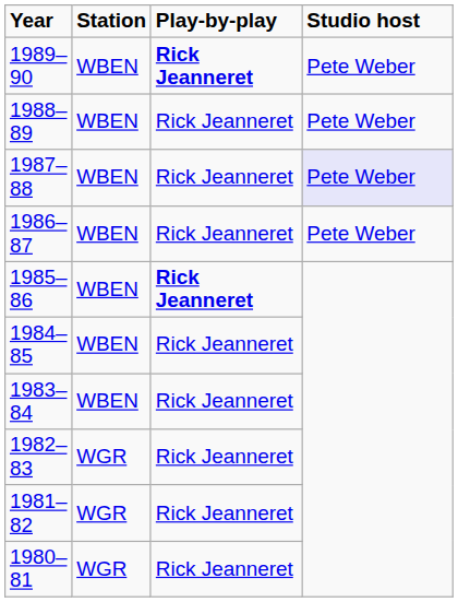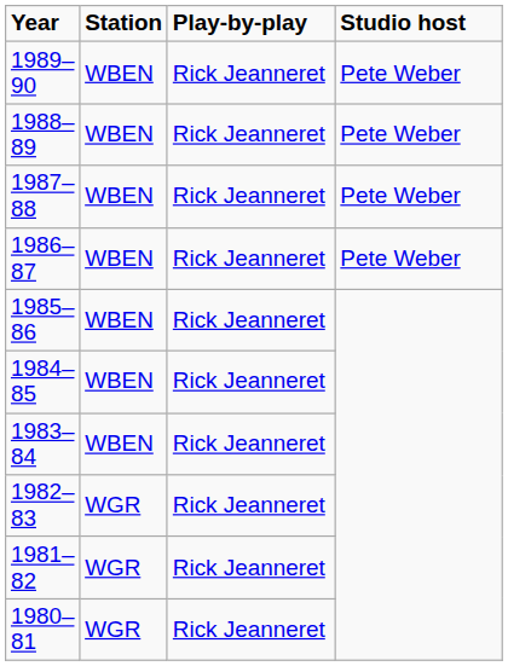 <table class="wikitable">
 <tr>
 <td width="40"><strong>Year</strong></td>
 <td width="40"><strong>Station</strong></td>
 <td width="110"><strong>Play-by-play</strong></td>
 <td width="110"><strong>Studio host</strong></td>
 </tr>
 <tr>
 <td><a href='#'>1989–90</a></td>
 <td><a href='#'>WBEN</a></td>
-<td><strong><a href='#'>Rick Jeanneret</a></strong></td>
+<td><a href='#'>Rick Jeanneret</a></td>
 <td><a href='#'>Pete Weber</a></td>
 </tr>
 <tr>
 <td><a href='#'>1988–89</a></td>
 <td><a href='#'>WBEN</a></td>
 <td><a href='#'>Rick Jeanneret</a></td>
 <td><a href='#'>Pete Weber</a></td>
 </tr>
 <tr>
 <td><a href='#'>1987–88</a></td>
 <td><a href='#'>WBEN</a></td>
 <td><a href='#'>Rick Jeanneret</a></td>
-<td style="background: lavender;"><a href='#'>Pete Weber</a></td>
+<td><a href='#'>Pete Weber</a></td>
 </tr>
 <tr>
 <td><a href='#'>1986–87</a></td>
 <td><a href='#'>WBEN</a></td>
 <td><a href='#'>Rick Jeanneret</a></td>
 <td><a href='#'>Pete Weber</a></td>
 </tr>
 <tr>
 <td><a href='#'>1985–86</a></td>
 <td><a href='#'>WBEN</a></td>
-<td><strong><a href='#'>Rick Jeanneret</a></strong></td>
+<td><a href='#'>Rick Jeanneret</a></td>
 </tr>
 <tr>
 <td><a href='#'>1984–85</a></td>
 <td><a href='#'>WBEN</a></td>
 <td><a href='#'>Rick Jeanneret</a></td>
 </tr>
 <tr>
 <td><a href='#'>1983–84</a></td>
 <td><a href='#'>WBEN</a></td>
 <td><a href='#'>Rick Jeanneret</a></td>
 </tr>
 <tr>
 <td><a href='#'>1982–83</a></td>
 <td><a href='#'>WGR</a></td>
 <td><a href='#'>Rick Jeanneret</a></td>
 </tr>
 <tr>
 <td><a href='#'>1981–82</a></td>
 <td><a href='#'>WGR</a></td>
 <td><a href='#'>Rick Jeanneret</a></td>
 </tr>
 <tr>
 <td><a href='#'>1980–81</a></td>
 <td><a href='#'>WGR</a></td>
 <td><a href='#'>Rick Jeanneret</a></td>
 </tr>
 </table>
